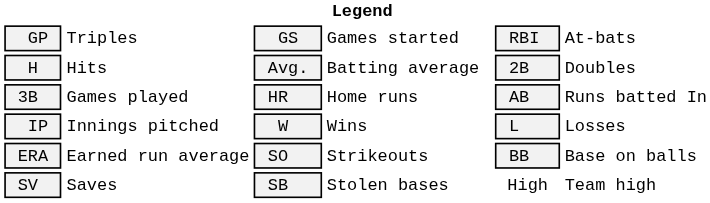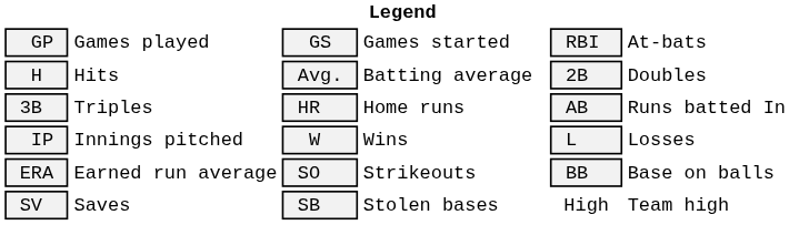 <table class="toccolours" style="font-size: 80%; white-space: nowrap;">
 <tr>
 <th colspan="15">Legend</th>
 </tr>
 <tr>
 <td style="background-color: #F2F2F2; border: 1px solid black;">  GP </td>
-<td style="padding-right: 8px">Triples</td>
+<td>Games played</td>
 <td style="background-color: #F2F2F2; border: 1px solid black">  GS </td>
 <td>Games started</td>
 <td style="background-color: #F2F2F2; border: 1px solid black;"> RBI </td>
 <td>At-bats</td>
 </tr>
 <tr>
 <td style="background-color: #F2F2F2; border: 1px solid black">  H </td>
 <td style="padding-right: 8px">Hits</td>
 <td style="background-color: #F2F2F2; border: 1px solid black"> Avg. </td>
 <td style="padding-right: 8px">Batting average</td>
 <td style="background-color: #F2F2F2; border: 1px solid black;"> 2B </td>
 <td style="padding-right: 8px">Doubles</td>
 </tr>
 <tr>
 <td style="background-color: #F2F2F2; border: 1px solid black;"> 3B </td>
-<td>Games played</td>
+<td style="padding-right: 8px">Triples</td>
 <td style="background-color: #F2F2F2; border: 1px solid black;"> HR </td>
 <td>Home runs</td>
 <td style="background-color: #F2F2F2; border: 1px solid black"> AB </td>
 <td style="padding-right: 8px">Runs batted In</td>
 </tr>
 <tr>
 <td style="background-color: #F2F2F2; border: 1px solid black">  IP </td>
 <td style="padding-right: 5px">Innings pitched</td>
 <td style="background-color: #F2F2F2; border: 1px solid black">  W</td>
 <td>Wins</td>
 <td style="background-color: #F2F2F2; border: 1px solid black;"> L </td>
 <td>Losses</td>
 </tr>
 <tr>
 <td style="background-color: #F2F2F2; border: 1px solid black"> ERA </td>
 <td>Earned run average</td>
 <td style="background-color: #F2F2F2; border: 1px solid black"> SO </td>
 <td>Strikeouts</td>
 <td style="background-color: #F2F2F2; border: 1px solid black;"> BB </td>
 <td style="padding-right: 8px">Base on balls</td>
 </tr>
 <tr>
 <td style="background-color: #F2F2F2; border: 1px solid black"> SV </td>
 <td>Saves</td>
 <td style="background-color: #F2F2F2; border: 1px solid black;"> SB </td>
 <td style="padding-right: 6px">Stolen bases</td>
 <td> High </td>
 <td>Team high</td>
 </tr>
 <tr>
 </tr>
 </table>
